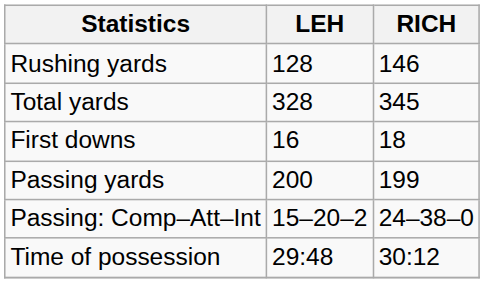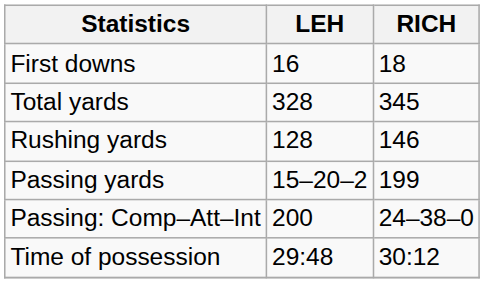 <table class="wikitable" style="float: left;">
 <tr>
 <th>Statistics</th>
 <th>LEH</th>
 <th>RICH</th>
 </tr>
 <tr>
-<td>Rushing yards</td>
-<td>128</td>
-<td>146</td>
+<td>First downs</td>
+<td>16</td>
+<td>18</td>
 </tr>
 <tr>
 <td>Total yards</td>
 <td>328</td>
 <td>345</td>
 </tr>
 <tr>
-<td>First downs</td>
-<td>16</td>
-<td>18</td>
+<td>Rushing yards</td>
+<td>128</td>
+<td>146</td>
 </tr>
 <tr>
 <td>Passing yards</td>
-<td>200</td>
+<td>15–20–2</td>
 <td>199</td>
 </tr>
 <tr>
 <td>Passing: Comp–Att–Int</td>
-<td>15–20–2</td>
+<td>200</td>
 <td>24–38–0</td>
 </tr>
 <tr>
 <td>Time of possession</td>
 <td>29:48</td>
 <td>30:12</td>
 </tr>
 <tr>
 </tr>
 </table>
